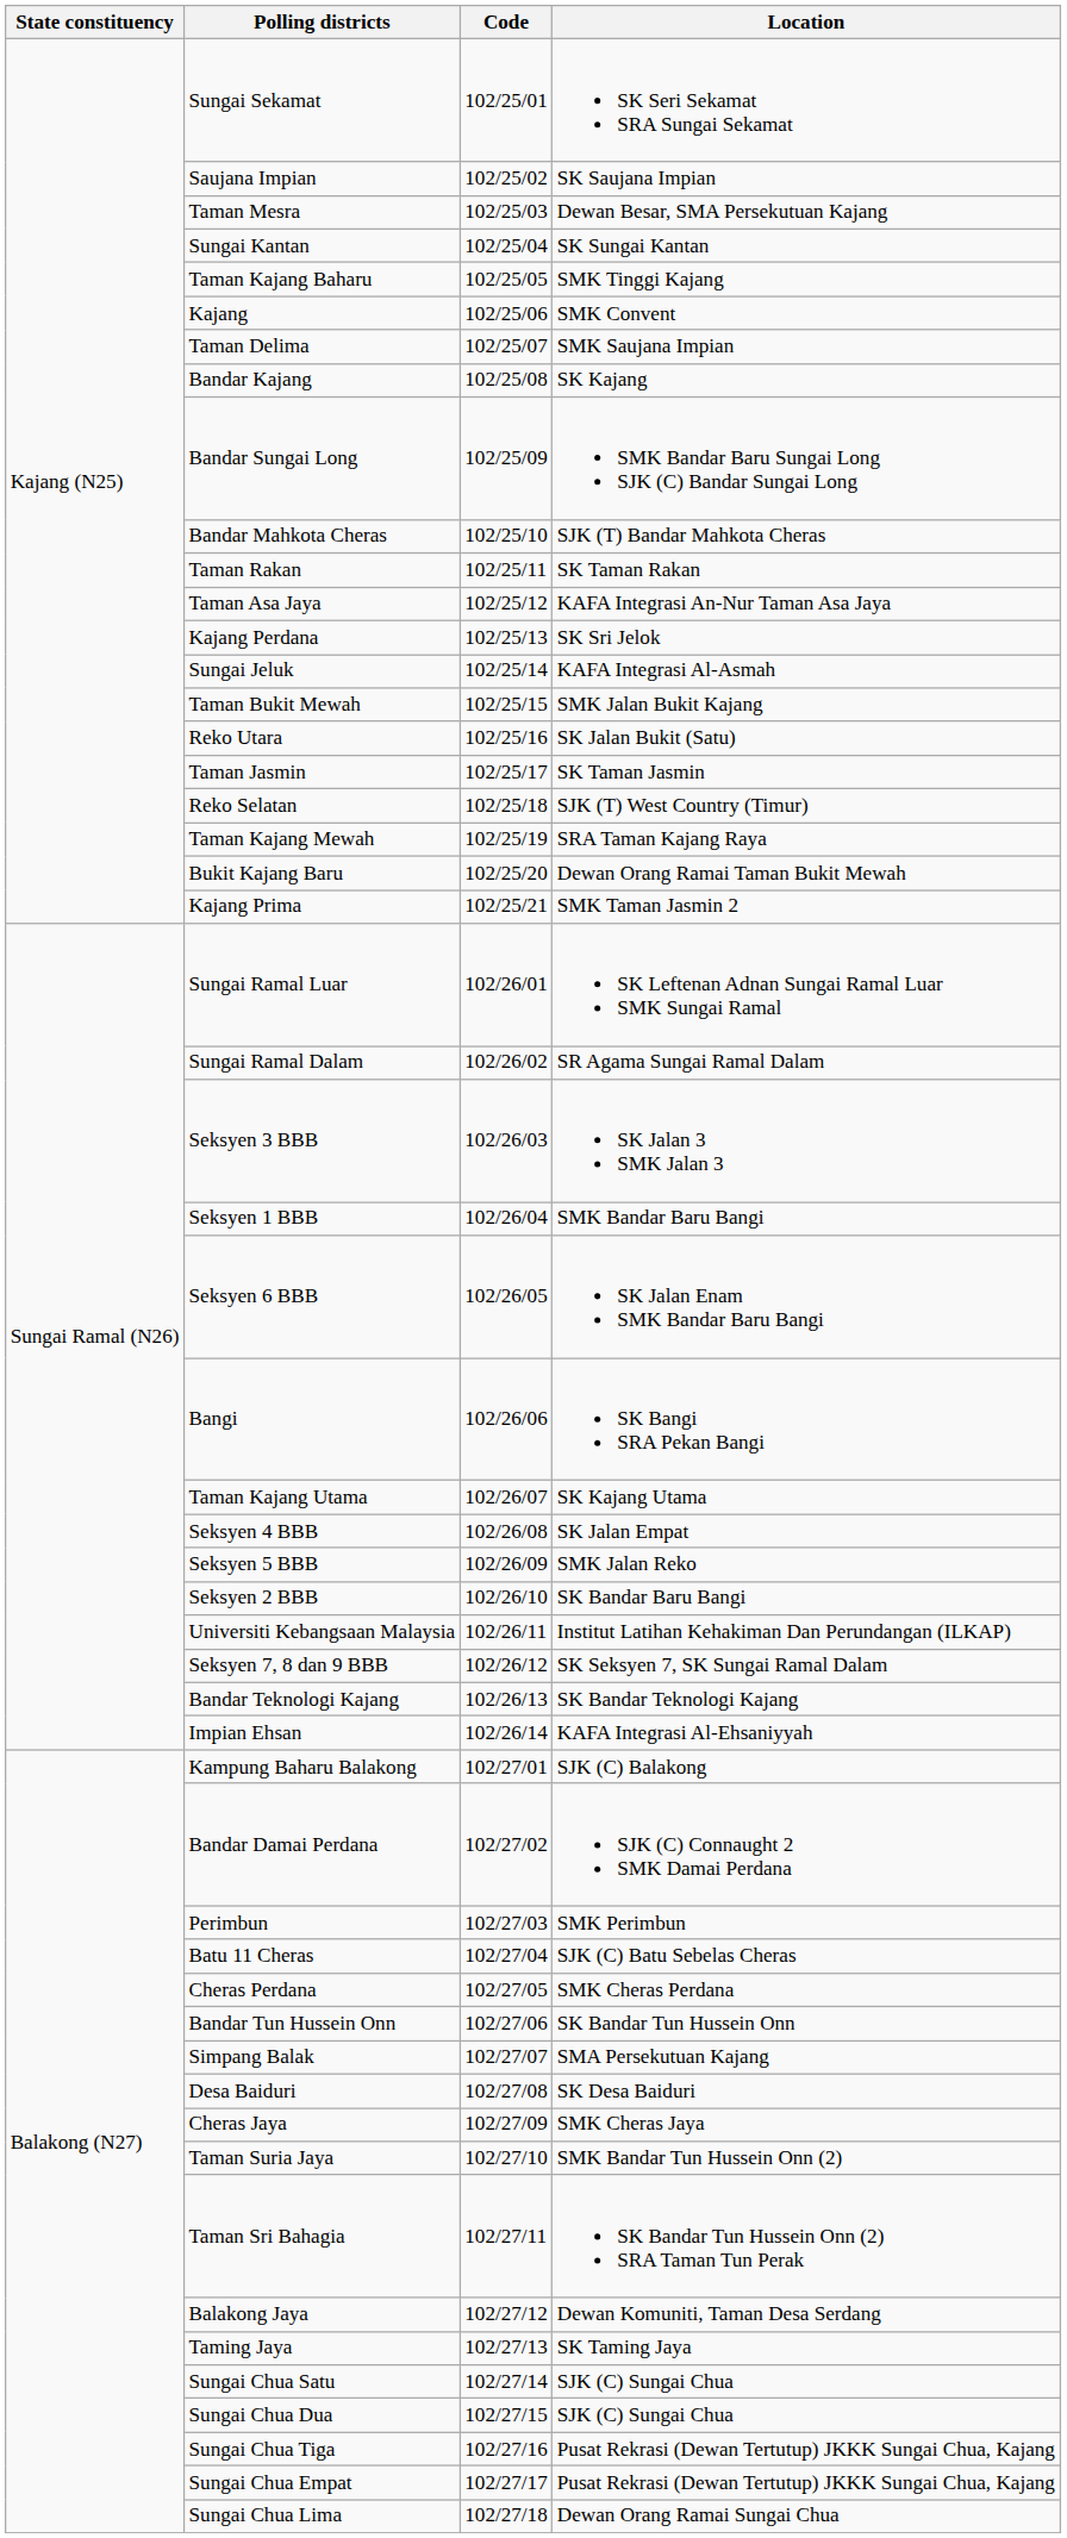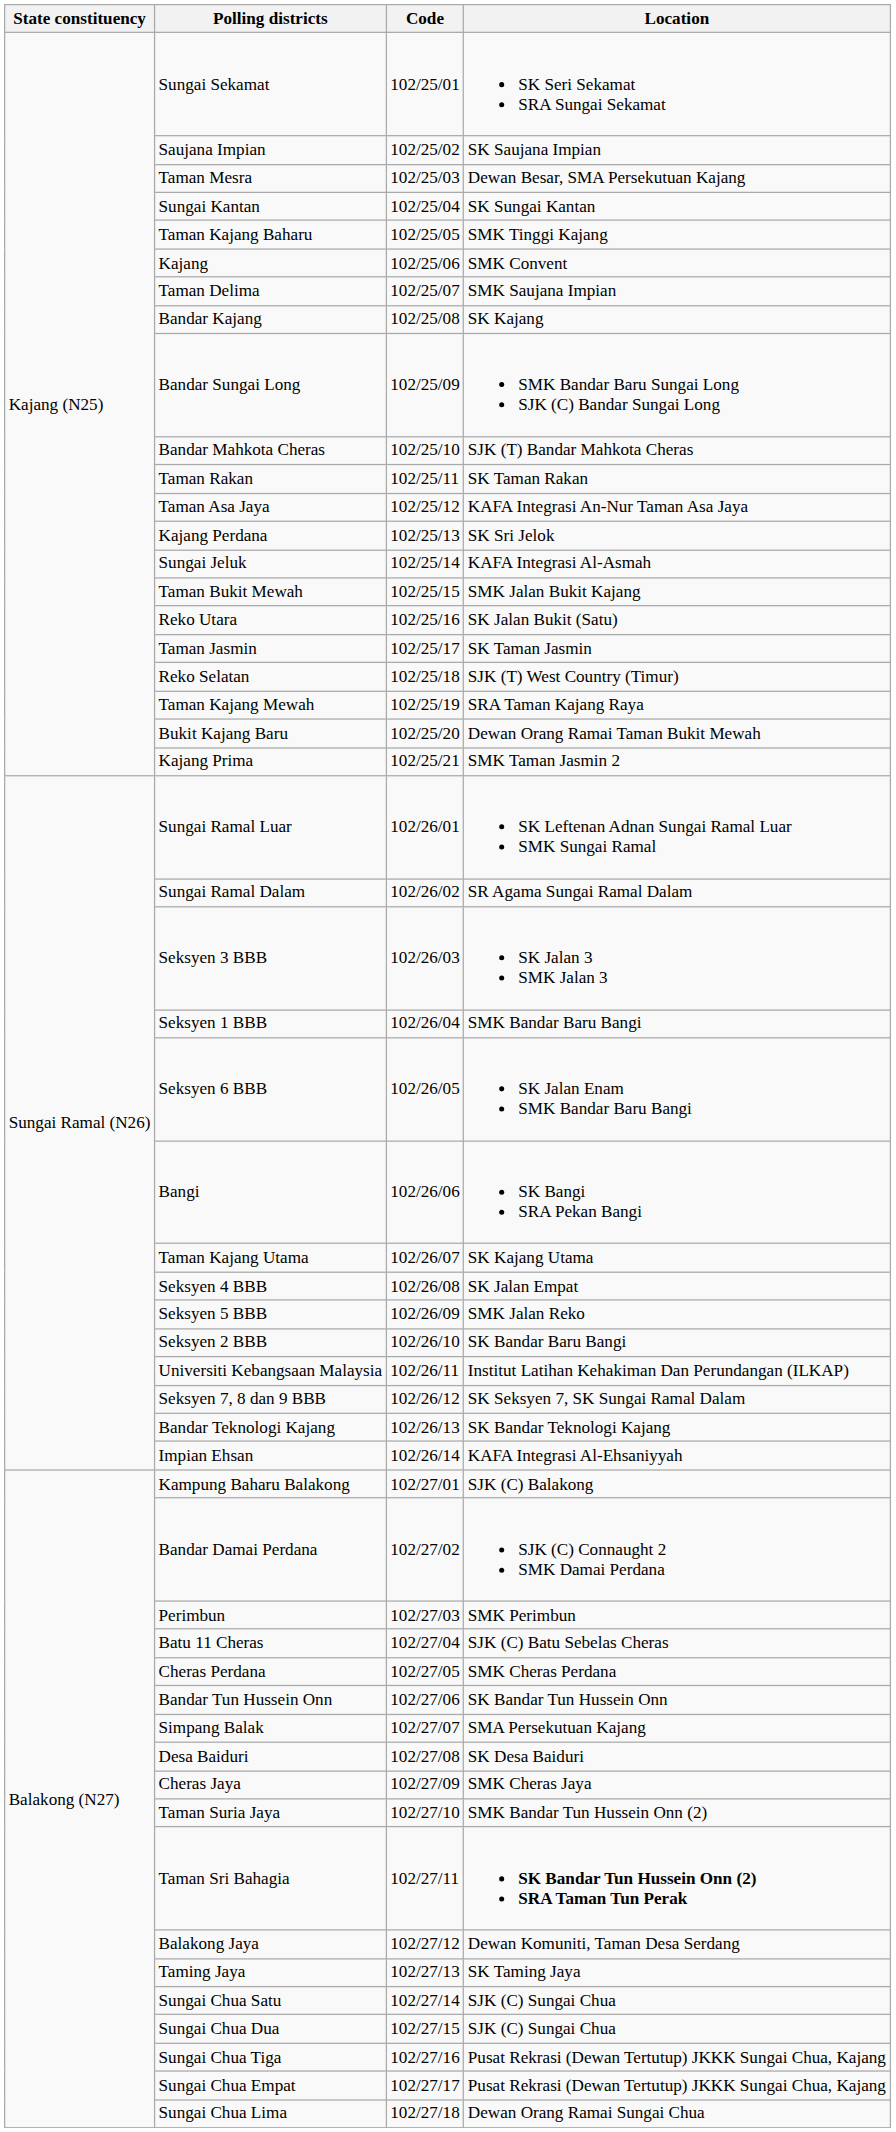 <table class="wikitable sortable mw-collapsible" style="white-space:nowrap;font-size:85%">
 <tr>
 <th>State constituency</th>
 <th>Polling districts</th>
 <th>Code</th>
 <th>Location</th>
 </tr>
 <tr>
 <td rowspan="21">Kajang (N25)</td>
 <td>Sungai Sekamat</td>
 <td>102/25/01</td>
 <td><br><ul><li>SK Seri Sekamat</li><li>SRA Sungai Sekamat</li></ul></td>
 </tr>
 <tr>
 <td>Saujana Impian</td>
 <td>102/25/02</td>
 <td>SK Saujana Impian</td>
 </tr>
 <tr>
 <td>Taman Mesra</td>
 <td>102/25/03</td>
 <td>Dewan Besar, SMA Persekutuan Kajang</td>
 </tr>
 <tr>
 <td>Sungai Kantan</td>
 <td>102/25/04</td>
 <td>SK Sungai Kantan</td>
 </tr>
 <tr>
 <td>Taman Kajang Baharu</td>
 <td>102/25/05</td>
 <td>SMK Tinggi Kajang</td>
 </tr>
 <tr>
 <td>Kajang</td>
 <td>102/25/06</td>
 <td>SMK Convent</td>
 </tr>
 <tr>
 <td>Taman Delima</td>
 <td>102/25/07</td>
 <td>SMK Saujana Impian</td>
 </tr>
 <tr>
 <td>Bandar Kajang</td>
 <td>102/25/08</td>
 <td>SK Kajang</td>
 </tr>
 <tr>
 <td>Bandar Sungai Long</td>
 <td>102/25/09</td>
 <td><br><ul><li>SMK Bandar Baru Sungai Long</li><li>SJK (C) Bandar Sungai Long</li></ul></td>
 </tr>
 <tr>
 <td>Bandar Mahkota Cheras</td>
 <td>102/25/10</td>
 <td>SJK (T) Bandar Mahkota Cheras</td>
 </tr>
 <tr>
 <td>Taman Rakan</td>
 <td>102/25/11</td>
 <td>SK Taman Rakan</td>
 </tr>
 <tr>
 <td>Taman Asa Jaya</td>
 <td>102/25/12</td>
 <td>KAFA Integrasi An-Nur Taman Asa Jaya</td>
 </tr>
 <tr>
 <td>Kajang Perdana</td>
 <td>102/25/13</td>
 <td>SK Sri Jelok</td>
 </tr>
 <tr>
 <td>Sungai Jeluk</td>
 <td>102/25/14</td>
 <td>KAFA Integrasi Al-Asmah</td>
 </tr>
 <tr>
 <td>Taman Bukit Mewah</td>
 <td>102/25/15</td>
 <td>SMK Jalan Bukit Kajang</td>
 </tr>
 <tr>
 <td>Reko Utara</td>
 <td>102/25/16</td>
 <td>SK Jalan Bukit (Satu)</td>
 </tr>
 <tr>
 <td>Taman Jasmin</td>
 <td>102/25/17</td>
 <td>SK Taman Jasmin</td>
 </tr>
 <tr>
 <td>Reko Selatan</td>
 <td>102/25/18</td>
 <td>SJK (T) West Country (Timur)</td>
 </tr>
 <tr>
 <td>Taman Kajang Mewah</td>
 <td>102/25/19</td>
 <td>SRA Taman Kajang Raya</td>
 </tr>
 <tr>
 <td>Bukit Kajang Baru</td>
 <td>102/25/20</td>
 <td>Dewan Orang Ramai Taman Bukit Mewah</td>
 </tr>
 <tr>
 <td>Kajang Prima</td>
 <td>102/25/21</td>
 <td>SMK Taman Jasmin 2</td>
 </tr>
 <tr>
 <td rowspan="14">Sungai Ramal (N26)</td>
 <td>Sungai Ramal Luar</td>
 <td>102/26/01</td>
 <td><br><ul><li>SK Leftenan Adnan Sungai Ramal Luar</li><li>SMK Sungai Ramal</li></ul></td>
 </tr>
 <tr>
 <td>Sungai Ramal Dalam</td>
 <td>102/26/02</td>
 <td>SR Agama Sungai Ramal Dalam</td>
 </tr>
 <tr>
 <td>Seksyen 3 BBB</td>
 <td>102/26/03</td>
 <td><br><ul><li>SK Jalan 3</li><li>SMK Jalan 3</li></ul></td>
 </tr>
 <tr>
 <td>Seksyen 1 BBB</td>
 <td>102/26/04</td>
 <td>SMK Bandar Baru Bangi</td>
 </tr>
 <tr>
 <td>Seksyen 6 BBB</td>
 <td>102/26/05</td>
 <td><br><ul><li>SK Jalan Enam</li><li>SMK Bandar Baru Bangi</li></ul></td>
 </tr>
 <tr>
 <td>Bangi</td>
 <td>102/26/06</td>
 <td><br><ul><li>SK Bangi</li><li>SRA Pekan Bangi</li></ul></td>
 </tr>
 <tr>
 <td>Taman Kajang Utama</td>
 <td>102/26/07</td>
 <td>SK Kajang Utama</td>
 </tr>
 <tr>
 <td>Seksyen 4 BBB</td>
 <td>102/26/08</td>
 <td>SK Jalan Empat</td>
 </tr>
 <tr>
 <td>Seksyen 5 BBB</td>
 <td>102/26/09</td>
 <td>SMK Jalan Reko</td>
 </tr>
 <tr>
 <td>Seksyen 2 BBB</td>
 <td>102/26/10</td>
 <td>SK Bandar Baru Bangi</td>
 </tr>
 <tr>
 <td>Universiti Kebangsaan Malaysia</td>
 <td>102/26/11</td>
 <td>Institut Latihan Kehakiman Dan Perundangan (ILKAP)</td>
 </tr>
 <tr>
 <td>Seksyen 7, 8 dan 9 BBB</td>
 <td>102/26/12</td>
 <td>SK Seksyen 7, SK Sungai Ramal Dalam</td>
 </tr>
 <tr>
 <td>Bandar Teknologi Kajang</td>
 <td>102/26/13</td>
 <td>SK Bandar Teknologi Kajang</td>
 </tr>
 <tr>
 <td>Impian Ehsan</td>
 <td>102/26/14</td>
 <td>KAFA Integrasi Al-Ehsaniyyah</td>
 </tr>
 <tr>
 <td rowspan="18">Balakong (N27)</td>
 <td>Kampung Baharu Balakong</td>
 <td>102/27/01</td>
 <td>SJK (C) Balakong</td>
 </tr>
 <tr>
 <td>Bandar Damai Perdana</td>
 <td>102/27/02</td>
 <td><br><ul><li>SJK (C) Connaught 2</li><li>SMK Damai Perdana</li></ul></td>
 </tr>
 <tr>
 <td>Perimbun</td>
 <td>102/27/03</td>
 <td>SMK Perimbun</td>
 </tr>
 <tr>
 <td>Batu 11 Cheras</td>
 <td>102/27/04</td>
 <td>SJK (C) Batu Sebelas Cheras</td>
 </tr>
 <tr>
 <td>Cheras Perdana</td>
 <td>102/27/05</td>
 <td>SMK Cheras Perdana</td>
 </tr>
 <tr>
 <td>Bandar Tun Hussein Onn</td>
 <td>102/27/06</td>
 <td>SK Bandar Tun Hussein Onn</td>
 </tr>
 <tr>
 <td>Simpang Balak</td>
 <td>102/27/07</td>
 <td>SMA Persekutuan Kajang</td>
 </tr>
 <tr>
 <td>Desa Baiduri</td>
 <td>102/27/08</td>
 <td>SK Desa Baiduri</td>
 </tr>
 <tr>
 <td>Cheras Jaya</td>
 <td>102/27/09</td>
 <td>SMK Cheras Jaya</td>
 </tr>
 <tr>
 <td>Taman Suria Jaya</td>
 <td>102/27/10</td>
 <td>SMK Bandar Tun Hussein Onn (2)</td>
 </tr>
 <tr>
 <td>Taman Sri Bahagia</td>
 <td>102/27/11</td>
-<td><br><ul><li>SK Bandar Tun Hussein Onn (2)</li><li>SRA Taman Tun Perak</li></ul></td>
+<td><strong><br><ul><li>SK Bandar Tun Hussein Onn (2)</li><li>SRA Taman Tun Perak</li></ul></strong></td>
 </tr>
 <tr>
 <td>Balakong Jaya</td>
 <td>102/27/12</td>
 <td>Dewan Komuniti, Taman Desa Serdang</td>
 </tr>
 <tr>
 <td>Taming Jaya</td>
 <td>102/27/13</td>
 <td>SK Taming Jaya</td>
 </tr>
 <tr>
 <td>Sungai Chua Satu</td>
 <td>102/27/14</td>
 <td>SJK (C) Sungai Chua</td>
 </tr>
 <tr>
 <td>Sungai Chua Dua</td>
 <td>102/27/15</td>
 <td>SJK (C) Sungai Chua</td>
 </tr>
 <tr>
 <td>Sungai Chua Tiga</td>
 <td>102/27/16</td>
 <td>Pusat Rekrasi (Dewan Tertutup) JKKK Sungai Chua, Kajang</td>
 </tr>
 <tr>
 <td>Sungai Chua Empat</td>
 <td>102/27/17</td>
 <td>Pusat Rekrasi (Dewan Tertutup) JKKK Sungai Chua, Kajang</td>
 </tr>
 <tr>
 <td>Sungai Chua Lima</td>
 <td>102/27/18</td>
 <td>Dewan Orang Ramai Sungai Chua</td>
 </tr>
 </table>
